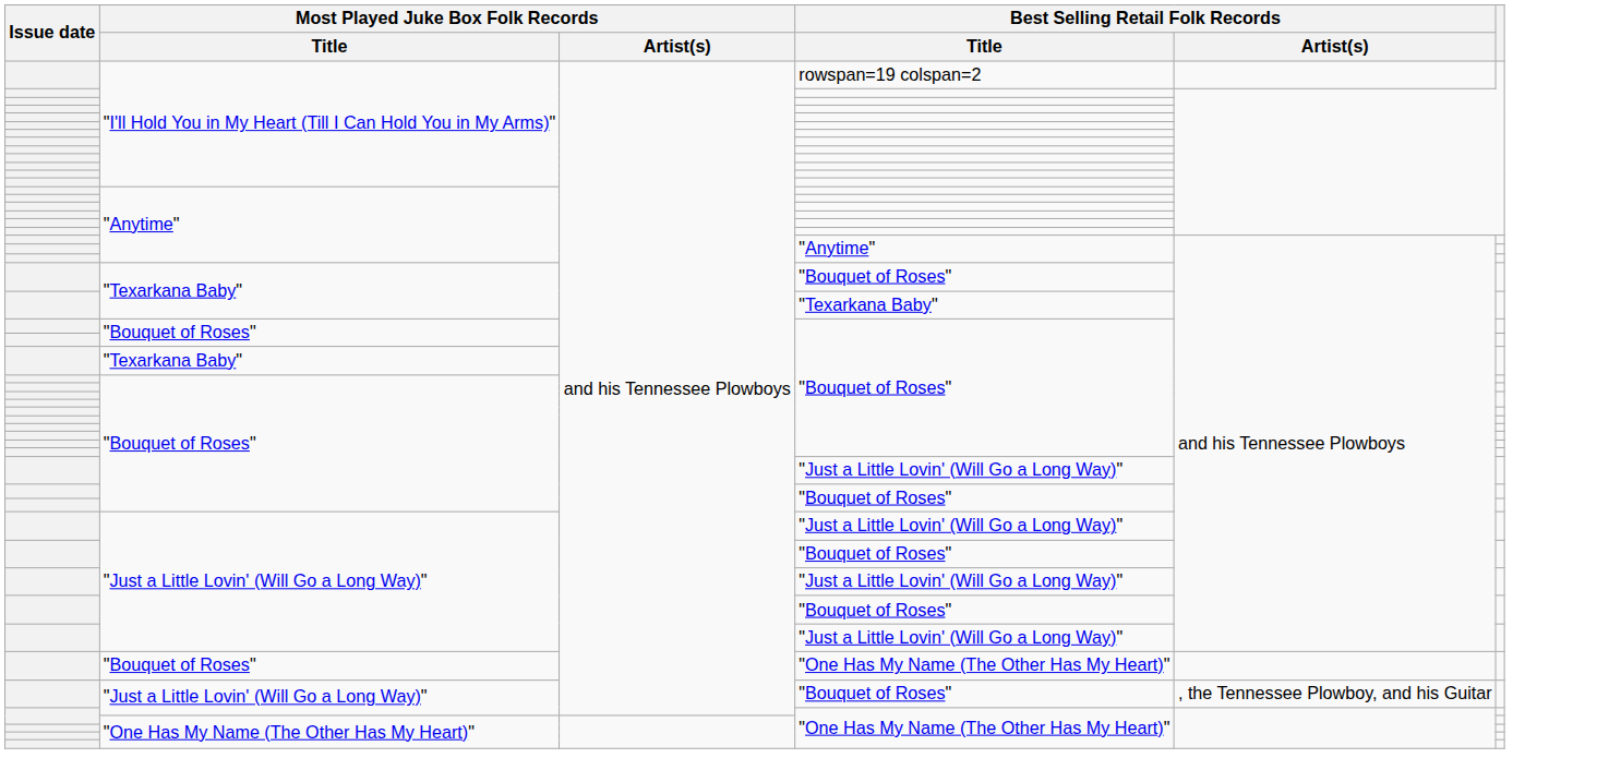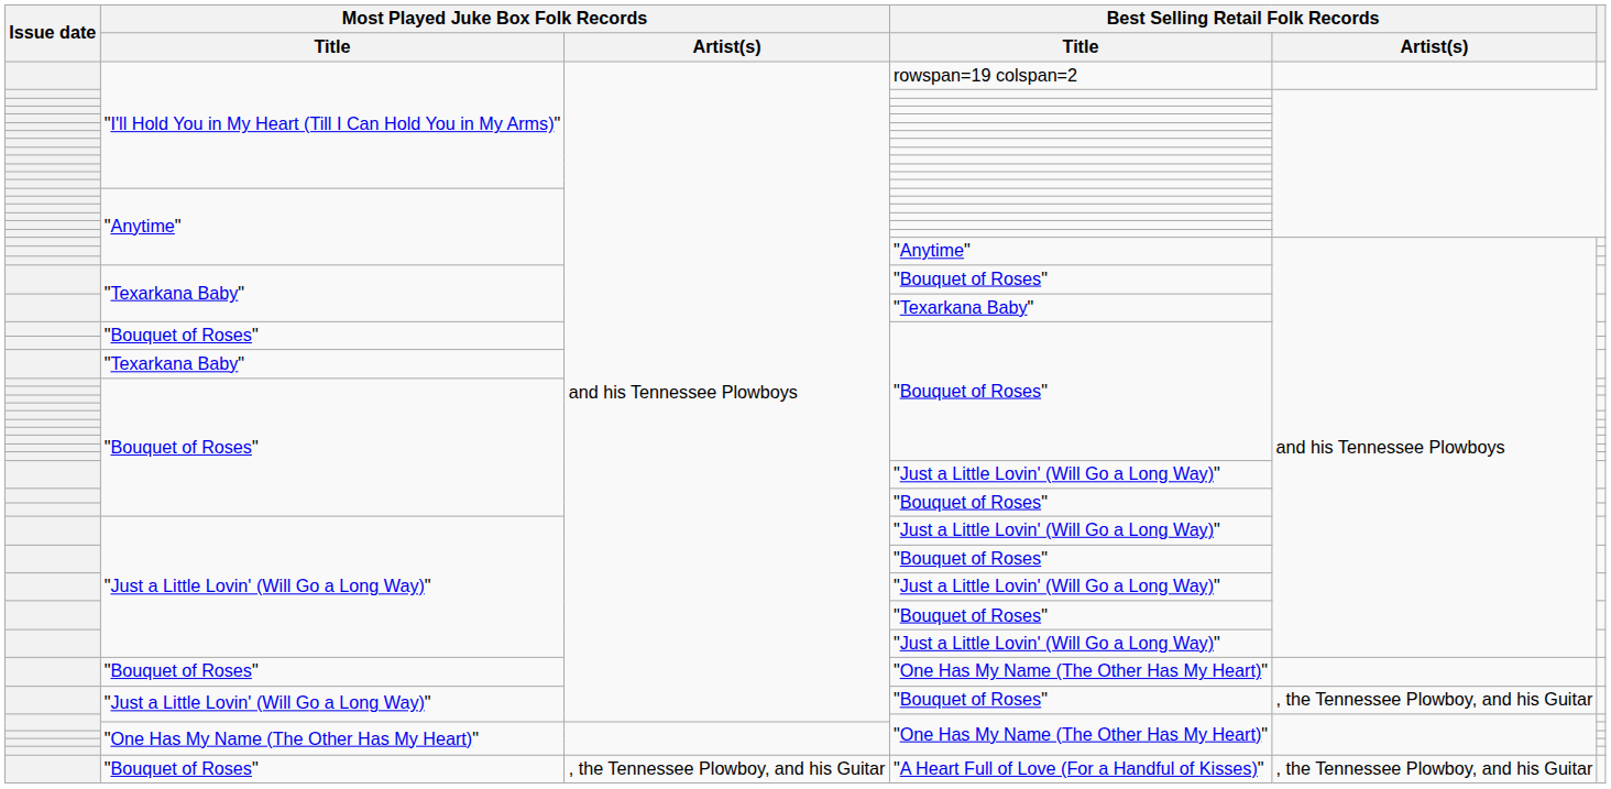 <table class="wikitable sortable plainrowheaders">
 <tr>
 <th scope=col rowspan=2>Issue date</th>
 <th scope=col colspan=2>Most Played Juke Box Folk Records</th>
 <th scope=col colspan=2>Best Selling Retail Folk Records</th>
 <th scope=col rowspan=2 class=unsortable></th>
 </tr>
 <tr>
 <th scope=col>Title</th>
 <th scope=col>Artist(s)</th>
 <th scope=col>Title</th>
 <th scope=col>Artist(s)</th>
 </tr>
 <tr>
 <th scope=row></th>
 <td rowspan="13">"<a href='#'>I'll Hold You in My Heart (Till I Can Hold You in My Arms)</a>"</td>
 <td rowspan="48"> and his Tennessee Plowboys</td>
 <td>rowspan=19 colspan=2  </td>
 <td align="center"></td>
 </tr>
 <tr>
 <th scope=row></th>
 <td align="center"></td>
 </tr>
 <tr>
 <th scope=row></th>
 <td align="center"></td>
 </tr>
 <tr>
 <th scope=row></th>
 <td align="center"></td>
 </tr>
 <tr>
 <th scope=row></th>
 <td align="center"></td>
 </tr>
 <tr>
 <th scope=row></th>
 <td align="center"></td>
 </tr>
 <tr>
 <th scope=row></th>
 <td align="center"></td>
 </tr>
 <tr>
 <th scope=row></th>
 <td align="center"></td>
 </tr>
 <tr>
 <th scope=row></th>
 <td align="center"></td>
 </tr>
 <tr>
 <th scope=row></th>
 <td align="center"></td>
 </tr>
 <tr>
 <th scope=row></th>
 <td align="center"></td>
 </tr>
 <tr>
 <th scope=row></th>
 <td align="center"></td>
 </tr>
 <tr>
 <th scope=row></th>
 <td align="center"></td>
 </tr>
 <tr>
 <th scope=row></th>
 <td rowspan="9">"<a href='#'>Anytime</a>"</td>
 <td align="center"></td>
 </tr>
 <tr>
 <th scope=row></th>
 <td align="center"></td>
 </tr>
 <tr>
 <th scope=row></th>
 <td align="center"></td>
 </tr>
 <tr>
 <th scope=row></th>
 <td align="center"></td>
 </tr>
 <tr>
 <th scope=row></th>
 <td align="center"></td>
 </tr>
 <tr>
 <th scope=row></th>
 <td align="center"></td>
 </tr>
 <tr>
 <th scope=row></th>
 <td rowspan="3">"<a href='#'>Anytime</a>"</td>
 <td rowspan="26"> and his Tennessee Plowboys</td>
 <td align=center></td>
 </tr>
 <tr>
 <th scope=row></th>
 <td align=center></td>
 </tr>
 <tr>
 <th scope=row></th>
 <td align=center></td>
 </tr>
 <tr>
 <th scope=row></th>
 <td rowspan=2>"<a href='#'>Texarkana Baby</a>"</td>
 <td>"<a href='#'>Bouquet of Roses</a>"</td>
 <td align=center></td>
 </tr>
 <tr>
 <th scope=row></th>
 <td>"<a href='#'>Texarkana Baby</a>"</td>
 <td align=center></td>
 </tr>
 <tr>
 <th scope=row></th>
 <td rowspan="2">"<a href='#'>Bouquet of Roses</a>"</td>
 <td rowspan="13">"<a href='#'>Bouquet of Roses</a>"</td>
 <td align=center></td>
 </tr>
 <tr>
 <th scope=row></th>
 <td align=center></td>
 </tr>
 <tr>
 <th scope=row></th>
 <td>"<a href='#'>Texarkana Baby</a>"</td>
 <td align=center></td>
 </tr>
 <tr>
 <th scope=row></th>
 <td rowspan="13">"<a href='#'>Bouquet of Roses</a>"</td>
 <td align=center></td>
 </tr>
 <tr>
 <th scope=row></th>
 <td align=center></td>
 </tr>
 <tr>
 <th scope=row></th>
 <td rowspan=2 align=center></td>
 </tr>
 <tr>
 <th scope=row></th>
 </tr>
 <tr>
 <th scope=row></th>
 <td align=center></td>
 </tr>
 <tr>
 <th scope=row></th>
 <td align=center></td>
 </tr>
 <tr>
 <th scope=row></th>
 <td align=center></td>
 </tr>
 <tr>
 <th scope=row></th>
 <td align=center></td>
 </tr>
 <tr>
 <th scope=row></th>
 <td align=center></td>
 </tr>
 <tr>
 <th scope=row></th>
 <td align=center></td>
 </tr>
 <tr>
 <th scope=row></th>
 <td>"<a href='#'>Just a Little Lovin' (Will Go a Long Way)</a>"</td>
 <td align=center></td>
 </tr>
 <tr>
 <th scope=row></th>
 <td rowspan="2">"<a href='#'>Bouquet of Roses</a>"</td>
 <td align=center></td>
 </tr>
 <tr>
 <th scope=row></th>
 <td align=center></td>
 </tr>
 <tr>
 <th scope=row></th>
 <td rowspan="5">"<a href='#'>Just a Little Lovin' (Will Go a Long Way)</a>"</td>
 <td>"<a href='#'>Just a Little Lovin' (Will Go a Long Way)</a>"</td>
 <td align=center></td>
 </tr>
 <tr>
 <th scope=row></th>
 <td>"<a href='#'>Bouquet of Roses</a>"</td>
 <td align=center></td>
 </tr>
 <tr>
 <th scope=row></th>
 <td>"<a href='#'>Just a Little Lovin' (Will Go a Long Way)</a>"</td>
 <td align=center></td>
 </tr>
 <tr>
 <th scope=row></th>
 <td>"<a href='#'>Bouquet of Roses</a>"</td>
 <td align=center></td>
 </tr>
 <tr>
 <th scope=row></th>
 <td>"<a href='#'>Just a Little Lovin' (Will Go a Long Way)</a>"</td>
 <td align=center></td>
 </tr>
 <tr>
 <th scope=row></th>
 <td>"<a href='#'>Bouquet of Roses</a>"</td>
 <td>"<a href='#'>One Has My Name (The Other Has My Heart)</a>"</td>
 <td></td>
 <td align=center></td>
 </tr>
 <tr>
 <th scope=row></th>
 <td rowspan=2>"<a href='#'>Just a Little Lovin' (Will Go a Long Way)</a>"</td>
 <td>"<a href='#'>Bouquet of Roses</a>"</td>
 <td>, the Tennessee Plowboy, and his Guitar</td>
 <td align=center></td>
 </tr>
 <tr>
 <th scope=row rowspan=2></th>
 <td rowspan="5">"<a href='#'>One Has My Name (The Other Has My Heart)</a>"</td>
 <td rowspan="5"></td>
 <td align=center></td>
 </tr>
 <tr>
 <td rowspan="4">"<a href='#'>One Has My Name (The Other Has My Heart)</a>"</td>
 <td rowspan="4"></td>
 <td align=center></td>
 </tr>
 <tr>
 <th scope=row></th>
 <td align=center></td>
 </tr>
 <tr>
 <th scope=row></th>
 <td align=center></td>
 </tr>
 <tr>
 <th scope=row></th>
 <td align=center></td>
 </tr>
+<tr>
+<th scope=row></th>
+<td>"<a href='#'>Bouquet of Roses</a>"</td>
+<td>, the Tennessee Plowboy, and his Guitar</td>
+<td>"<a href='#'>A Heart Full of Love (For a Handful of Kisses)</a>"</td>
+<td>, the Tennessee Plowboy, and his Guitar</td>
+<td align=center></td>
+</tr>
 </table>
